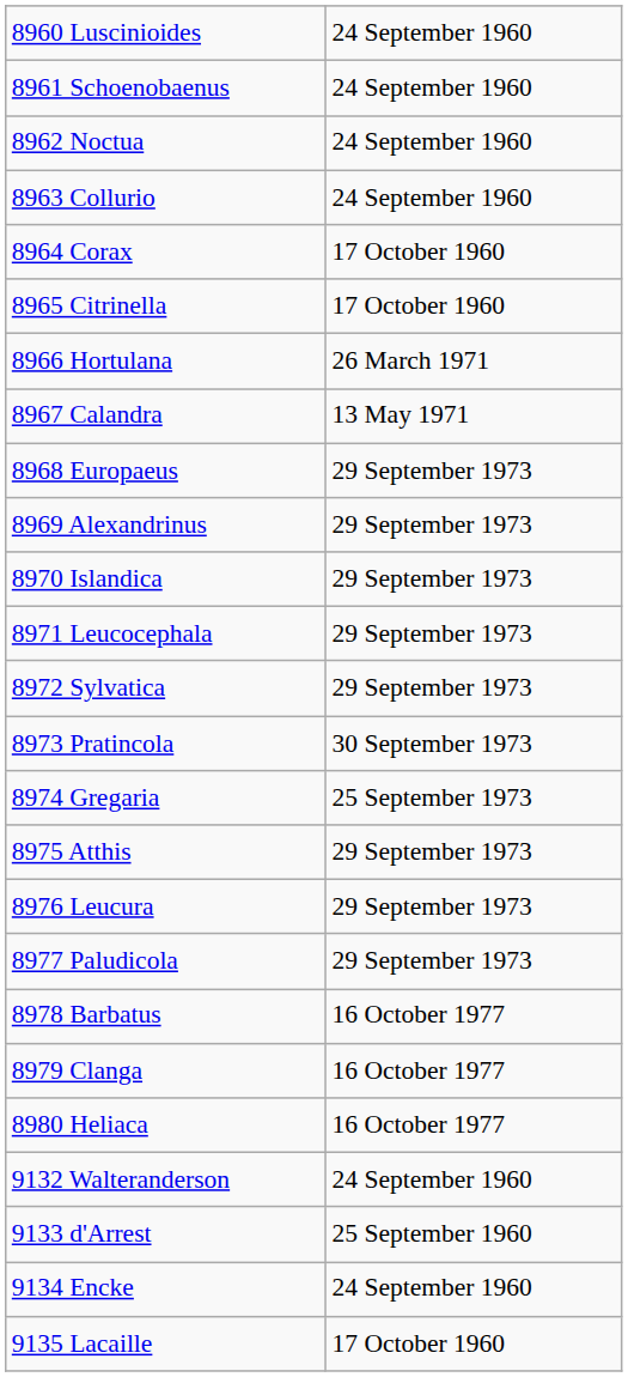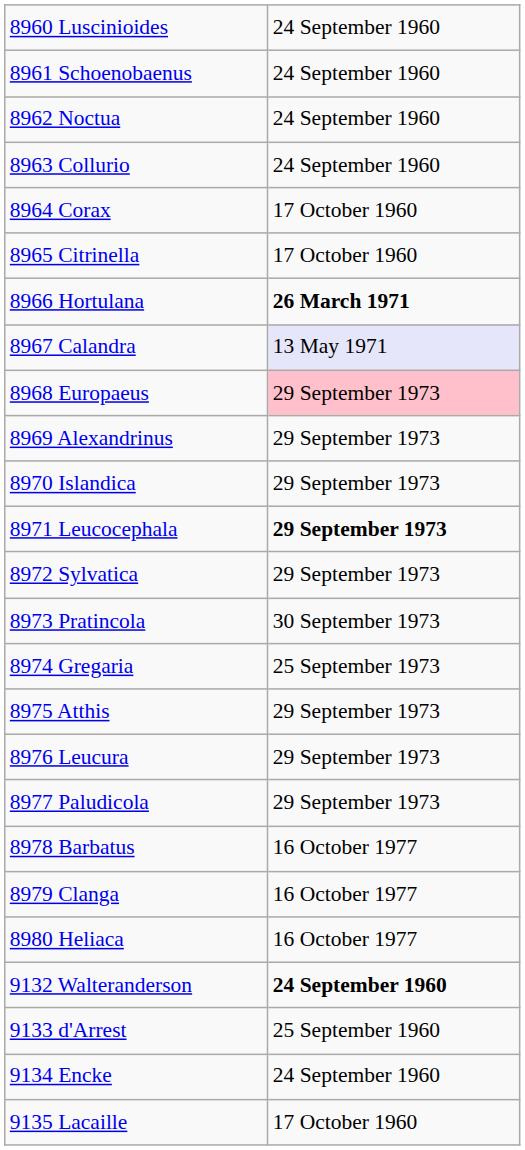 <table class="wikitable" style="font-size: 89%; float: left; width: 24em; margin-right: 1em; line-height: 1.65em">
 <tr>
 <td><a href='#'>8960 Luscinioides</a></td>
 <td>24 September 1960</td>
 </tr>
 <tr>
 <td><a href='#'>8961 Schoenobaenus</a></td>
 <td>24 September 1960</td>
 </tr>
 <tr>
 <td><a href='#'>8962 Noctua</a></td>
 <td>24 September 1960</td>
 </tr>
 <tr>
 <td><a href='#'>8963 Collurio</a></td>
 <td>24 September 1960</td>
 </tr>
 <tr>
 <td><a href='#'>8964 Corax</a></td>
 <td>17 October 1960</td>
 </tr>
 <tr>
 <td><a href='#'>8965 Citrinella</a></td>
 <td>17 October 1960</td>
 </tr>
 <tr>
 <td><a href='#'>8966 Hortulana</a></td>
-<td>26 March 1971</td>
+<td><strong>26 March 1971</strong></td>
 </tr>
 <tr>
 <td><a href='#'>8967 Calandra</a></td>
-<td>13 May 1971</td>
+<td style="background: lavender;">13 May 1971</td>
 </tr>
 <tr>
 <td><a href='#'>8968 Europaeus</a></td>
-<td>29 September 1973</td>
+<td style="background: pink;">29 September 1973</td>
 </tr>
 <tr>
 <td><a href='#'>8969 Alexandrinus</a></td>
 <td>29 September 1973</td>
 </tr>
 <tr>
 <td><a href='#'>8970 Islandica</a></td>
 <td>29 September 1973</td>
 </tr>
 <tr>
 <td><a href='#'>8971 Leucocephala</a></td>
-<td>29 September 1973</td>
+<td><strong>29 September 1973</strong></td>
 </tr>
 <tr>
 <td><a href='#'>8972 Sylvatica</a></td>
 <td>29 September 1973</td>
 </tr>
 <tr>
 <td><a href='#'>8973 Pratincola</a></td>
 <td>30 September 1973</td>
 </tr>
 <tr>
 <td><a href='#'>8974 Gregaria</a></td>
 <td>25 September 1973</td>
 </tr>
 <tr>
 <td><a href='#'>8975 Atthis</a></td>
 <td>29 September 1973</td>
 </tr>
 <tr>
 <td><a href='#'>8976 Leucura</a></td>
 <td>29 September 1973</td>
 </tr>
 <tr>
 <td><a href='#'>8977 Paludicola</a></td>
 <td>29 September 1973</td>
 </tr>
 <tr>
 <td><a href='#'>8978 Barbatus</a></td>
 <td>16 October 1977</td>
 </tr>
 <tr>
 <td><a href='#'>8979 Clanga</a></td>
 <td>16 October 1977</td>
 </tr>
 <tr>
 <td><a href='#'>8980 Heliaca</a></td>
 <td>16 October 1977</td>
 </tr>
 <tr>
 <td><a href='#'>9132 Walteranderson</a></td>
-<td>24 September 1960</td>
+<td><strong>24 September 1960</strong></td>
 </tr>
 <tr>
 <td><a href='#'>9133 d'Arrest</a></td>
 <td>25 September 1960</td>
 </tr>
 <tr>
 <td><a href='#'>9134 Encke</a></td>
 <td>24 September 1960</td>
 </tr>
 <tr>
 <td><a href='#'>9135 Lacaille</a></td>
 <td>17 October 1960</td>
 </tr>
 </table>
